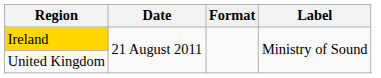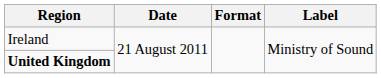 <table class="wikitable">
 <tr>
 <th scope="col">Region</th>
 <th scope="col">Date</th>
 <th scope="col">Format</th>
 <th scope="col">Label</th>
 </tr>
 <tr>
-<td style="background: gold;">Ireland</td>
+<td>Ireland</td>
 <td rowspan="2">21 August 2011</td>
 <td rowspan="2"></td>
 <td rowspan="2">Ministry of Sound</td>
 </tr>
 <tr>
-<td>United Kingdom</td>
+<td><strong>United Kingdom</strong></td>
 </tr>
 </table>
